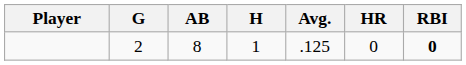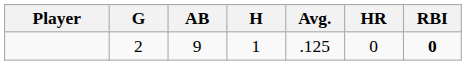 <table class="wikitable sortable">
 <tr>
 <th bgcolor="#DDDDFF" width="16%">Player</th>
 <th bgcolor="#DDDDFF" width="9%">G</th>
 <th bgcolor="#DDDDFF" width="9%">AB</th>
 <th bgcolor="#DDDDFF" width="9%">H</th>
 <th bgcolor="#DDDDFF" width="9%">Avg.</th>
 <th bgcolor="#DDDDFF" width="9%">HR</th>
 <th bgcolor="#DDDDFF" width="9%">RBI</th>
 </tr>
 <tr align="center">
 <td></td>
 <td>2</td>
-<td>8</td>
+<td>9</td>
 <td>1</td>
 <td>.125</td>
 <td>0</td>
 <td><strong>0</strong></td>
 </tr>
 </table>
